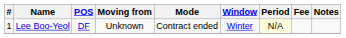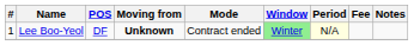 <table class="wikitable sortable" style="text-align: center; font-size:90%;">
 <tr>
 <th>#</th>
 <th>Name</th>
 <th><a href='#'>POS</a></th>
 <th>Moving from</th>
 <th>Mode</th>
 <th><a href='#'>Window</a></th>
 <th>Period</th>
 <th>Fee</th>
 <th>Notes</th>
 </tr>
 <tr>
 <td>1</td>
 <td align=left> <a href='#'>Lee Boo-Yeol</a></td>
 <td><a href='#'>DF</a></td>
-<td>Unknown</td>
+<td><strong>Unknown</strong></td>
 <td>Contract ended</td>
-<td><a href='#'>Winter</a></td>
+<td style="background: lightgreen;"><a href='#'>Winter</a></td>
 <td style="background: lightyellow;">N/A</td>
 <td></td>
 <td></td>
 </tr>
 <tr>
 </tr>
 </table>
